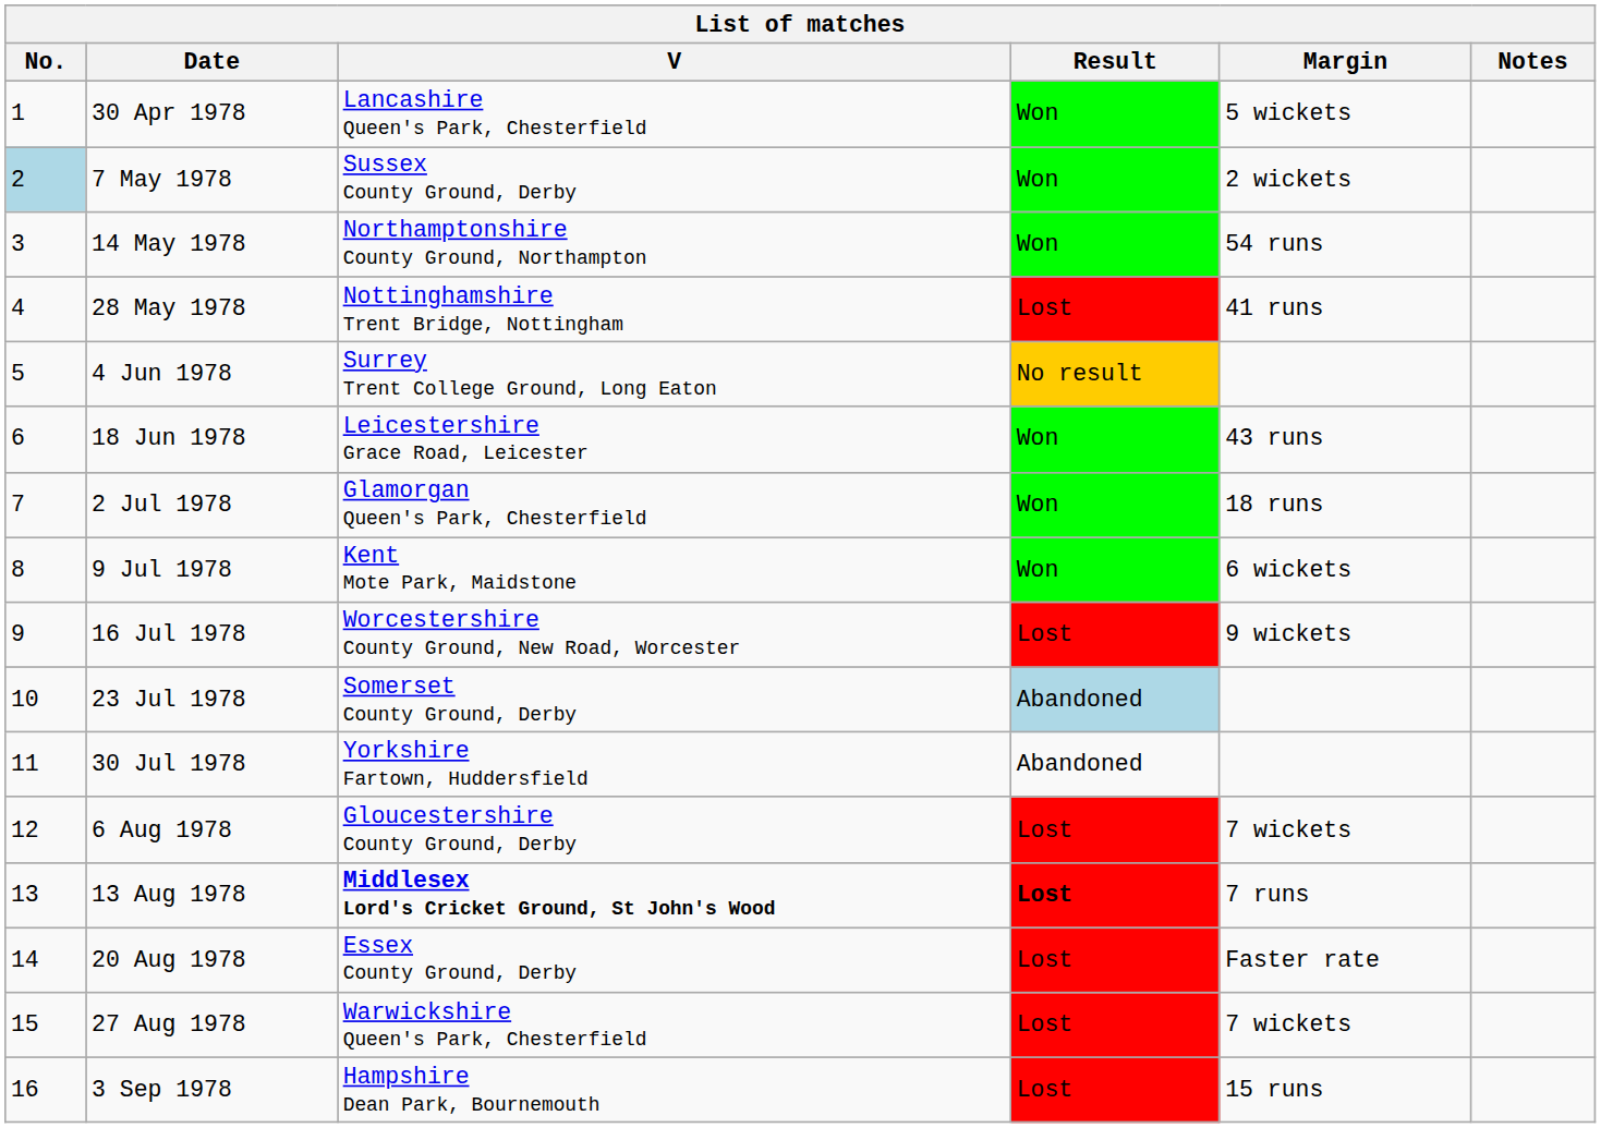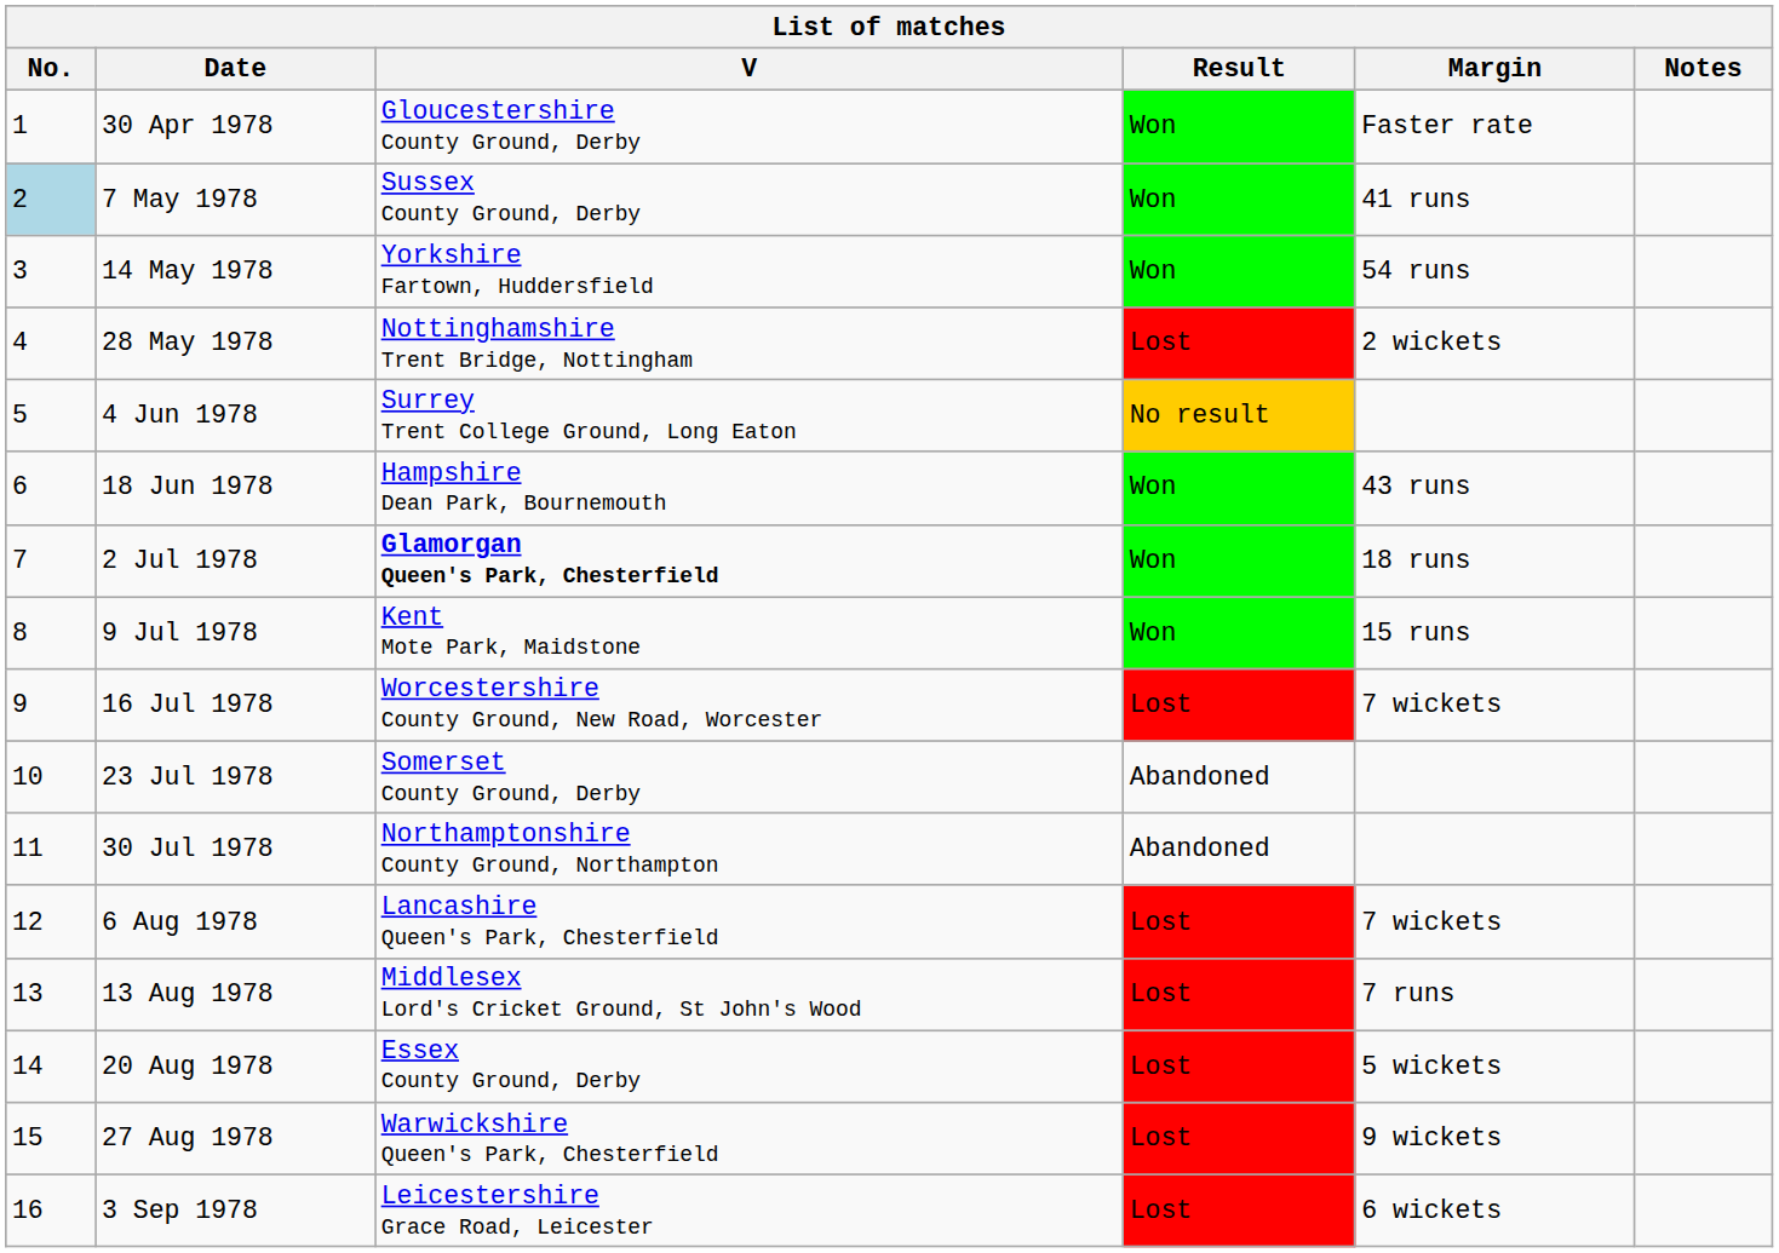 <table class="wikitable" width="70%">
 <tr>
 <th bgcolor="#efefef" colspan=6>List of matches</th>
 </tr>
 <tr bgcolor="#efefef">
 <th>No.</th>
 <th>Date</th>
 <th>V</th>
 <th>Result</th>
 <th>Margin</th>
 <th>Notes</th>
 </tr>
 <tr>
 <td>1</td>
 <td>30 Apr 1978</td>
-<td><a href='#'>Lancashire</a> <br><small>Queen's Park, Chesterfield </small></td>
+<td><a href='#'>Gloucestershire</a> <br><small>County Ground, Derby </small></td>
 <td bgcolor="#00FF00">Won</td>
-<td>5 wickets</td>
+<td>Faster rate</td>
 <td></td>
 </tr>
 <tr>
 <td style="background: lightblue;">2</td>
 <td>7 May 1978</td>
 <td><a href='#'>Sussex</a> <br><small>County Ground, Derby </small></td>
 <td bgcolor="#00FF00">Won</td>
-<td>2 wickets</td>
+<td>41 runs</td>
 <td></td>
 </tr>
 <tr>
 <td>3</td>
 <td>14 May 1978</td>
-<td><a href='#'>Northamptonshire</a> <br><small>County Ground, Northampton </small></td>
+<td><a href='#'>Yorkshire</a><br><small>Fartown, Huddersfield </small></td>
 <td bgcolor="#00FF00">Won</td>
 <td>54 runs</td>
 <td></td>
 </tr>
 <tr>
 <td>4</td>
 <td>28 May 1978</td>
 <td><a href='#'>Nottinghamshire</a> <br><small>Trent Bridge, Nottingham </small></td>
 <td bgcolor="#FF0000">Lost</td>
-<td>41 runs</td>
+<td>2 wickets</td>
 <td></td>
 </tr>
 <tr>
 <td>5</td>
 <td>4 Jun 1978</td>
 <td><a href='#'>Surrey</a><br><small>Trent College Ground, Long Eaton </small></td>
 <td bgcolor="#FFCC00">No result</td>
 <td></td>
 <td></td>
 </tr>
 <tr>
 <td>6</td>
 <td>18 Jun 1978</td>
-<td><a href='#'>Leicestershire</a><br><small>Grace Road, Leicester </small></td>
+<td><a href='#'>Hampshire</a><br><small>Dean Park, Bournemouth </small></td>
 <td bgcolor="#00FF00">Won</td>
 <td>43 runs</td>
 <td></td>
 </tr>
 <tr>
 <td>7</td>
 <td>2 Jul 1978</td>
-<td><a href='#'>Glamorgan</a> <br> <small>Queen's Park, Chesterfield </small></td>
+<td><strong><a href='#'>Glamorgan</a> <br> <small>Queen's Park, Chesterfield </small></strong></td>
 <td bgcolor="#00FF00">Won</td>
 <td>18 runs</td>
 <td></td>
 </tr>
 <tr>
 <td>8</td>
 <td>9 Jul 1978</td>
 <td><a href='#'>Kent</a> <br><small>Mote Park, Maidstone </small></td>
 <td bgcolor="#00FF00">Won</td>
-<td>6 wickets</td>
+<td>15 runs</td>
 <td></td>
 </tr>
 <tr>
 <td>9</td>
 <td>16 Jul 1978</td>
 <td><a href='#'>Worcestershire</a><br><small>County Ground, New Road, Worcester </small></td>
 <td bgcolor="#FF0000">Lost</td>
-<td>9 wickets</td>
+<td>7 wickets</td>
 <td></td>
 </tr>
 <tr>
 <td>10</td>
 <td>23 Jul 1978</td>
 <td><a href='#'>Somerset</a><br><small>County Ground, Derby </small></td>
-<td style="background: lightblue;">Abandoned</td>
+<td>Abandoned</td>
 <td></td>
 <td></td>
 </tr>
 <tr>
 <td>11</td>
 <td>30 Jul 1978</td>
-<td><a href='#'>Yorkshire</a><br><small>Fartown, Huddersfield </small></td>
+<td><a href='#'>Northamptonshire</a> <br><small>County Ground, Northampton </small></td>
 <td>Abandoned</td>
 <td></td>
 <td></td>
 </tr>
 <tr>
 <td>12</td>
 <td>6 Aug 1978</td>
-<td><a href='#'>Gloucestershire</a> <br><small>County Ground, Derby </small></td>
+<td><a href='#'>Lancashire</a> <br><small>Queen's Park, Chesterfield </small></td>
 <td bgcolor="#FF0000">Lost</td>
 <td>7 wickets</td>
 <td></td>
 </tr>
 <tr>
 <td>13</td>
 <td>13 Aug 1978</td>
-<td><strong><a href='#'>Middlesex</a> <br><small>Lord's Cricket Ground, St John's Wood </small></strong></td>
-<td bgcolor="#FF0000"><strong>Lost</strong></td>
+<td><a href='#'>Middlesex</a> <br><small>Lord's Cricket Ground, St John's Wood </small></td>
+<td bgcolor="#FF0000">Lost</td>
 <td>7 runs</td>
 <td></td>
 </tr>
 <tr>
 <td>14</td>
 <td>20 Aug 1978</td>
 <td><a href='#'>Essex</a> <br><small>County Ground, Derby </small></td>
 <td bgcolor="#FF0000">Lost</td>
-<td>Faster rate</td>
+<td>5 wickets</td>
 <td></td>
 </tr>
 <tr>
 <td>15</td>
 <td>27 Aug 1978</td>
 <td><a href='#'>Warwickshire</a> <br><small>Queen's Park, Chesterfield </small></td>
 <td bgcolor="#FF0000">Lost</td>
-<td>7 wickets</td>
+<td>9 wickets</td>
 <td></td>
 </tr>
 <tr>
 <td>16</td>
 <td>3 Sep 1978</td>
-<td><a href='#'>Hampshire</a><br><small>Dean Park, Bournemouth </small></td>
+<td><a href='#'>Leicestershire</a><br><small>Grace Road, Leicester </small></td>
 <td bgcolor="#FF0000">Lost</td>
-<td>15 runs</td>
+<td>6 wickets</td>
 <td></td>
 </tr>
 </table>
